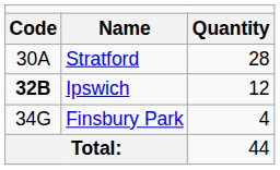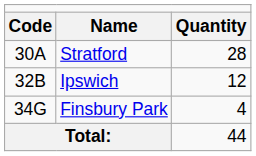 <table class="wikitable floatright">
 <tr>
 <td colspan=3></td>
 </tr>
 <tr>
 <th>Code</th>
 <th>Name</th>
 <th>Quantity</th>
 </tr>
 <tr>
 <td style="text-align:center">30A</td>
 <td><a href='#'>Stratford</a></td>
 <td style="text-align:right">28</td>
 </tr>
 <tr>
-<td style="text-align:center"><strong>32B</strong></td>
+<td style="text-align:center">32B</td>
 <td><a href='#'>Ipswich</a></td>
 <td style="text-align:right">12</td>
 </tr>
 <tr>
 <td style="text-align:center">34G</td>
 <td><a href='#'>Finsbury Park</a></td>
 <td style="text-align:right">4</td>
 </tr>
 <tr>
 <th colspan=2 scope=row>Total:</th>
 <td style="text-align:right">44</td>
 </tr>
 </table>
